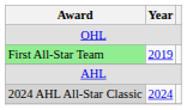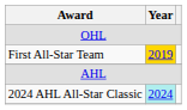 <table class="wikitable">
 <tr>
 <th>Award</th>
 <th>Year</th>
 <th></th>
 </tr>
 <tr ALIGN="center" bgcolor="#e0e0e0">
 <td colspan="3"><a href='#'>OHL</a></td>
 </tr>
 <tr>
-<td style="background: lightgreen;">First All-Star Team</td>
-<td><a href='#'>2019</a></td>
+<td>First All-Star Team</td>
+<td style="background: gold;"><a href='#'>2019</a></td>
 <td></td>
 </tr>
 <tr>
 </tr>
 <tr ALIGN="center" bgcolor="#e0e0e0">
 <td colspan="3"><a href='#'>AHL</a></td>
 </tr>
 <tr>
-<td style="background: lightgrey;">2024 AHL All-Star Classic</td>
-<td><a href='#'>2024</a></td>
+<td>2024 AHL All-Star Classic</td>
+<td style="background: paleturquoise;"><a href='#'>2024</a></td>
 <td></td>
 </tr>
 <tr>
 </tr>
 </table>
